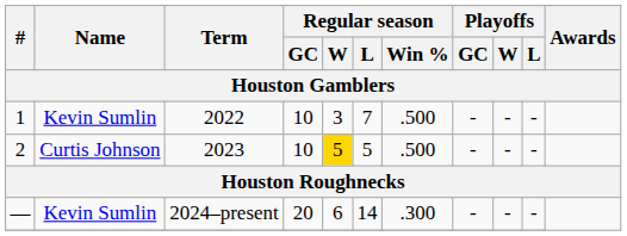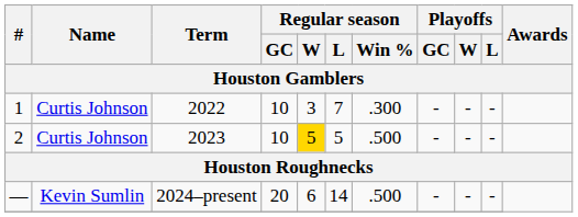 <table class="wikitable" style="text-align:center">
 <tr>
 <th rowspan="2">#</th>
 <th rowspan="2">Name</th>
 <th rowspan="2">Term</th>
 <th colspan="4">Regular season</th>
 <th colspan="3">Playoffs</th>
 <th rowspan="2">Awards</th>
 </tr>
 <tr>
 <th>GC</th>
 <th>W</th>
 <th>L</th>
 <th>Win %</th>
 <th>GC</th>
 <th>W</th>
 <th>L</th>
 </tr>
 <tr>
 <th colspan="11">Houston Gamblers</th>
 </tr>
 <tr>
 <td>1</td>
-<td><a href='#'>Kevin Sumlin</a></td>
+<td><a href='#'>Curtis Johnson</a></td>
 <td>2022</td>
 <td>10</td>
 <td>3</td>
 <td>7</td>
-<td>.500</td>
+<td>.300</td>
 <td>-</td>
 <td>-</td>
 <td>-</td>
 <td></td>
 </tr>
 <tr>
 <td>2</td>
 <td><a href='#'>Curtis Johnson</a></td>
 <td>2023</td>
 <td>10</td>
 <td style="background: gold;">5</td>
 <td>5</td>
 <td>.500</td>
 <td>-</td>
 <td>-</td>
 <td>-</td>
 </tr>
 <tr>
 <th colspan="11">Houston Roughnecks</th>
 </tr>
 <tr>
 <td align=center>—</td>
 <td><a href='#'>Kevin Sumlin</a></td>
 <td>2024–present</td>
 <td>20</td>
 <td>6</td>
 <td>14</td>
-<td>.300</td>
+<td>.500</td>
 <td>-</td>
 <td>-</td>
 <td>-</td>
 </tr>
 <tr>
 </tr>
 </table>
